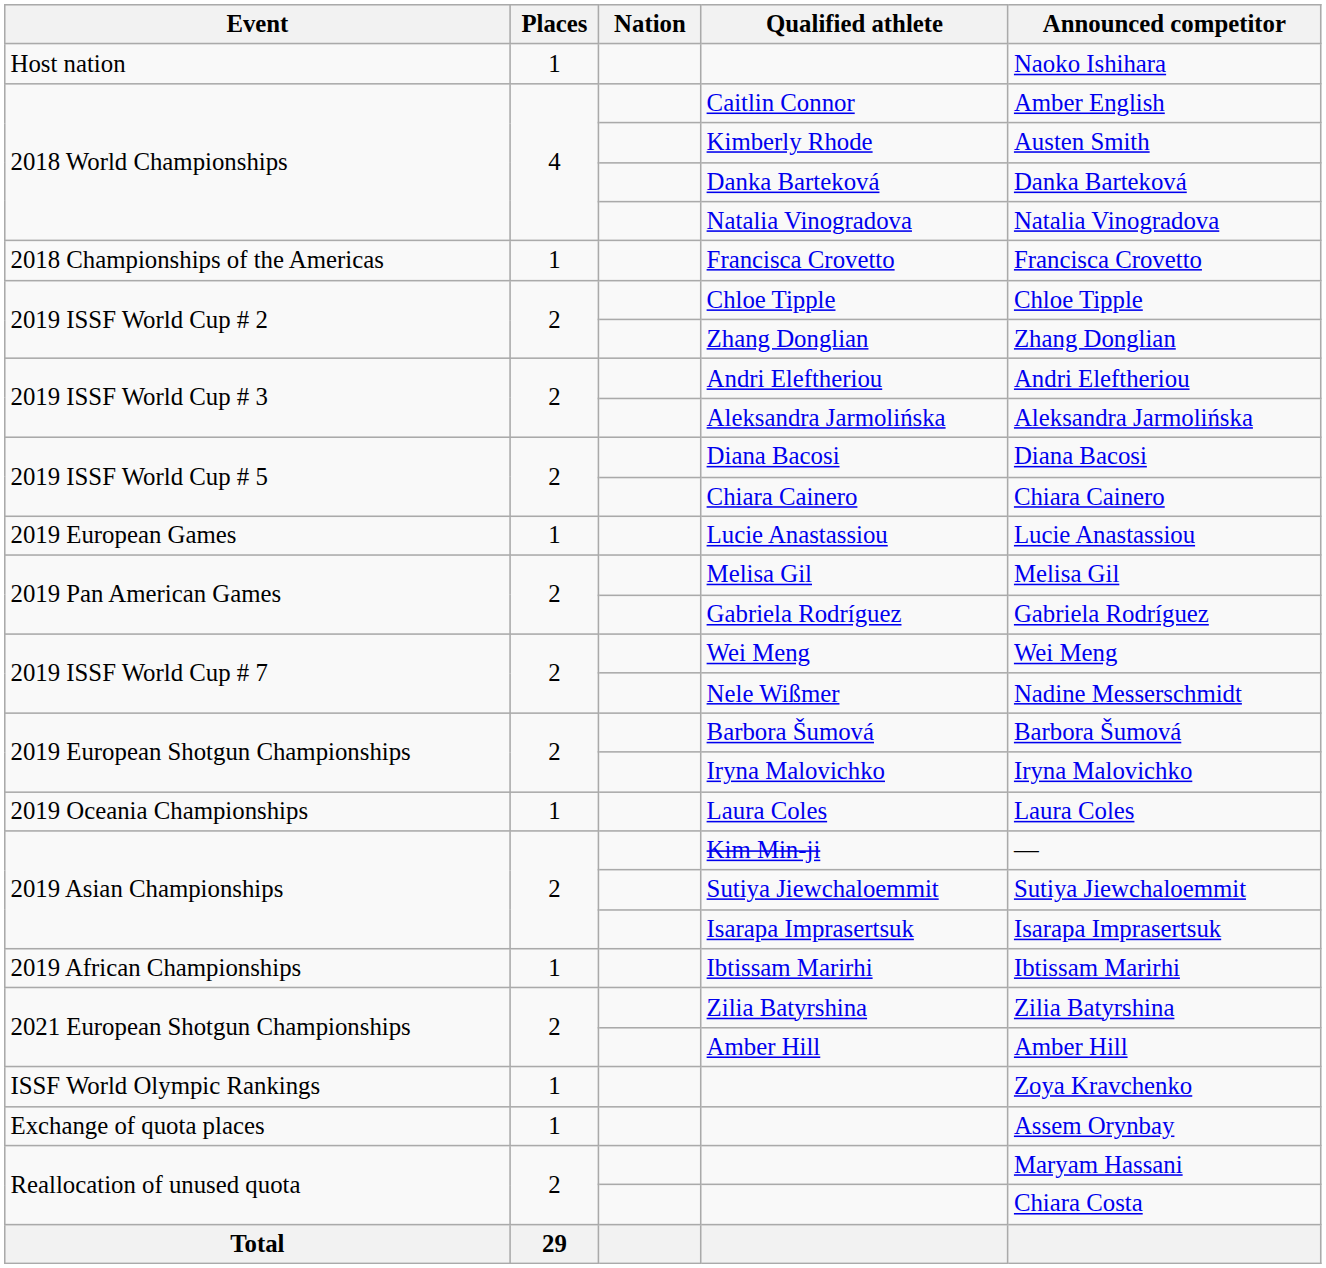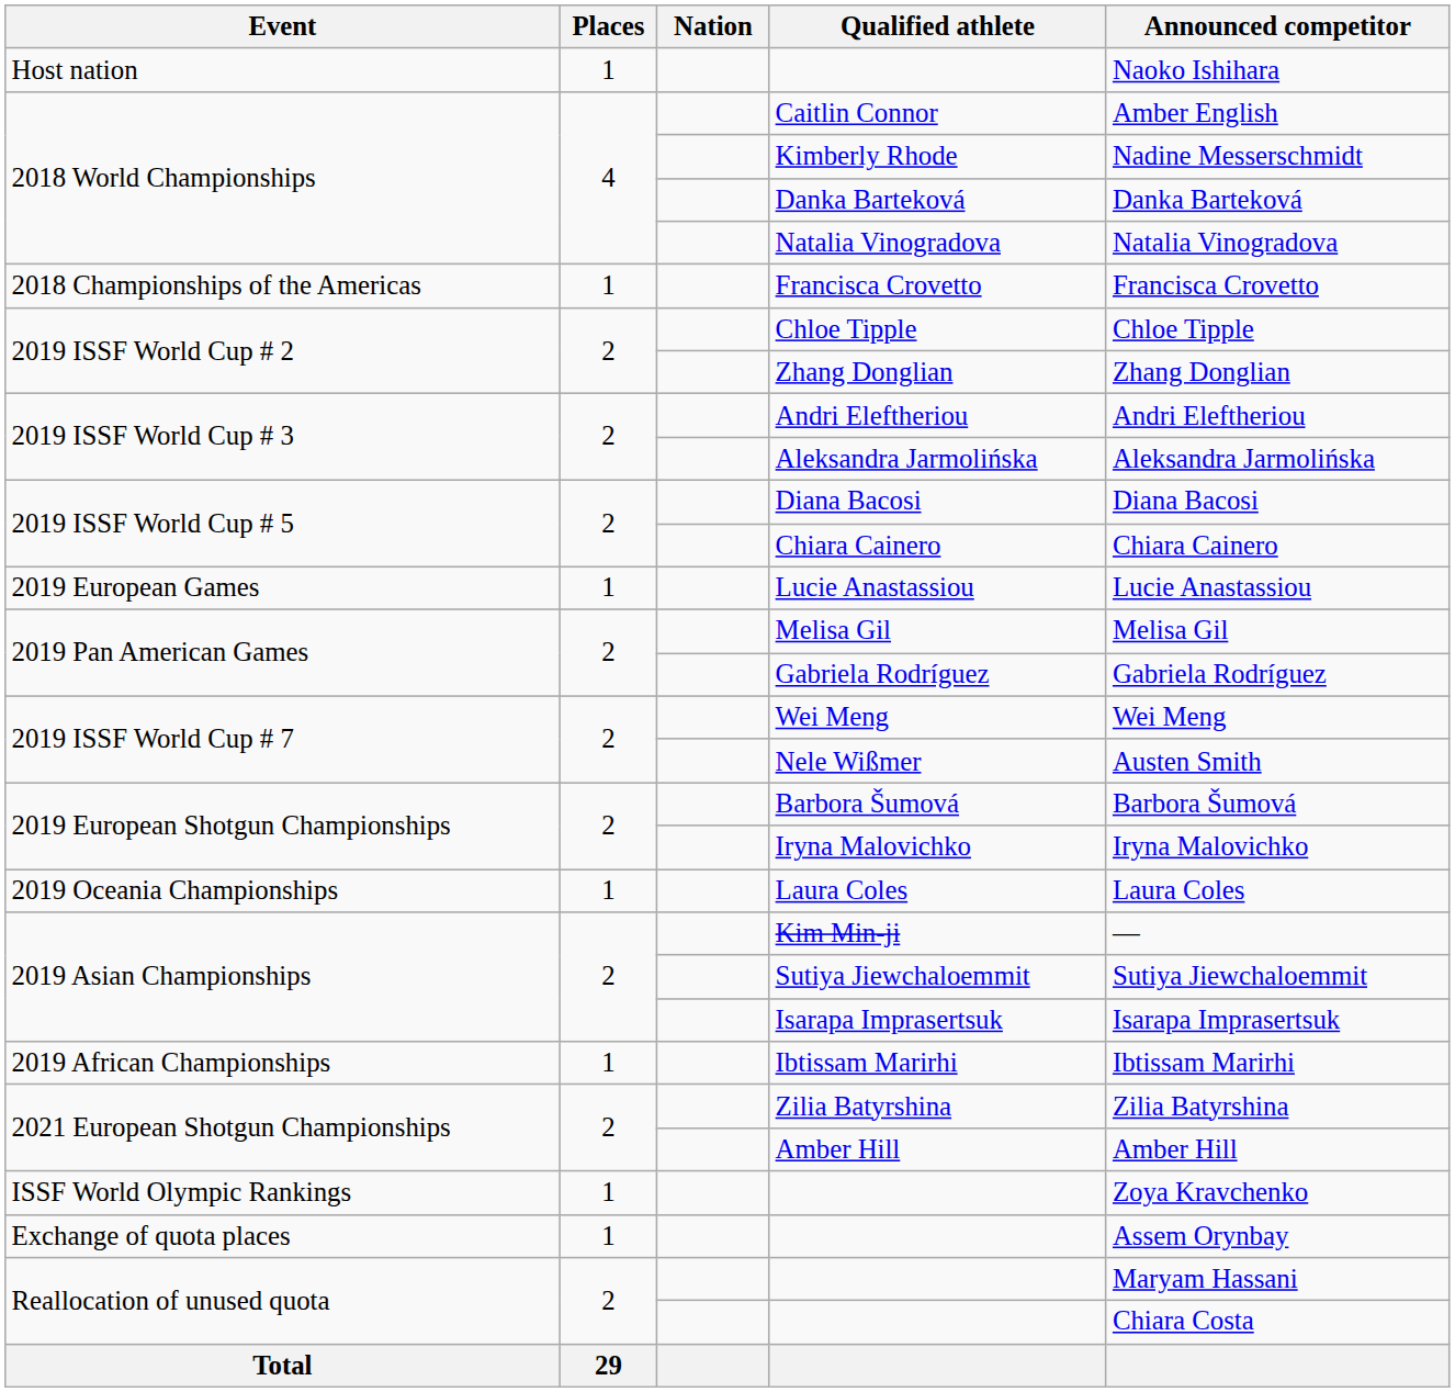 <table class=wikitable style="text-align:left" width=850>
 <tr>
 <th>Event</th>
 <th width=50>Places</th>
 <th>Nation</th>
 <th>Qualified athlete</th>
 <th>Announced competitor</th>
 </tr>
 <tr>
 <td>Host nation</td>
 <td align=center>1</td>
 <td></td>
 <td></td>
 <td><a href='#'>Naoko Ishihara</a></td>
 </tr>
 <tr>
 <td rowspan="4">2018 World Championships</td>
 <td rowspan=4 align=center>4</td>
 <td></td>
 <td><a href='#'>Caitlin Connor</a></td>
 <td><a href='#'>Amber English</a></td>
 </tr>
 <tr>
 <td></td>
 <td><a href='#'>Kimberly Rhode</a></td>
-<td><a href='#'>Austen Smith</a></td>
+<td><a href='#'>Nadine Messerschmidt</a></td>
 </tr>
 <tr>
 <td></td>
 <td><a href='#'>Danka Barteková</a></td>
 <td><a href='#'>Danka Barteková</a></td>
 </tr>
 <tr>
 <td></td>
 <td><a href='#'>Natalia Vinogradova</a></td>
 <td><a href='#'>Natalia Vinogradova</a></td>
 </tr>
 <tr>
 <td>2018 Championships of the Americas</td>
 <td align=center>1</td>
 <td></td>
 <td><a href='#'>Francisca Crovetto</a></td>
 <td><a href='#'>Francisca Crovetto</a></td>
 </tr>
 <tr>
 <td rowspan="2">2019 ISSF World Cup # 2</td>
 <td rowspan=2 align=center>2</td>
 <td></td>
 <td><a href='#'>Chloe Tipple</a></td>
 <td><a href='#'>Chloe Tipple</a></td>
 </tr>
 <tr>
 <td></td>
 <td><a href='#'>Zhang Donglian</a></td>
 <td><a href='#'>Zhang Donglian</a></td>
 </tr>
 <tr>
 <td rowspan="2">2019 ISSF World Cup # 3</td>
 <td rowspan=2 align=center>2</td>
 <td></td>
 <td><a href='#'>Andri Eleftheriou</a></td>
 <td><a href='#'>Andri Eleftheriou</a></td>
 </tr>
 <tr>
 <td></td>
 <td><a href='#'>Aleksandra Jarmolińska</a></td>
 <td><a href='#'>Aleksandra Jarmolińska</a></td>
 </tr>
 <tr>
 <td rowspan="2">2019 ISSF World Cup # 5</td>
 <td rowspan=2 align=center>2</td>
 <td></td>
 <td><a href='#'>Diana Bacosi</a></td>
 <td><a href='#'>Diana Bacosi</a></td>
 </tr>
 <tr>
 <td></td>
 <td><a href='#'>Chiara Cainero</a></td>
 <td><a href='#'>Chiara Cainero</a></td>
 </tr>
 <tr>
 <td>2019 European Games</td>
 <td align=center>1</td>
 <td></td>
 <td><a href='#'>Lucie Anastassiou</a></td>
 <td><a href='#'>Lucie Anastassiou</a></td>
 </tr>
 <tr>
 <td rowspan="2">2019 Pan American Games</td>
 <td rowspan=2 align=center>2</td>
 <td></td>
 <td><a href='#'>Melisa Gil</a></td>
 <td><a href='#'>Melisa Gil</a></td>
 </tr>
 <tr>
 <td></td>
 <td><a href='#'>Gabriela Rodríguez</a></td>
 <td><a href='#'>Gabriela Rodríguez</a></td>
 </tr>
 <tr>
 <td rowspan="2">2019 ISSF World Cup # 7</td>
 <td rowspan=2 align=center>2</td>
 <td></td>
 <td><a href='#'>Wei Meng</a></td>
 <td><a href='#'>Wei Meng</a></td>
 </tr>
 <tr>
 <td></td>
 <td><a href='#'>Nele Wißmer</a></td>
-<td><a href='#'>Nadine Messerschmidt</a></td>
+<td><a href='#'>Austen Smith</a></td>
 </tr>
 <tr>
 <td rowspan="2">2019 European Shotgun Championships</td>
 <td rowspan=2 align=center>2</td>
 <td></td>
 <td><a href='#'>Barbora Šumová</a></td>
 <td><a href='#'>Barbora Šumová</a></td>
 </tr>
 <tr>
 <td></td>
 <td><a href='#'>Iryna Malovichko</a></td>
 <td><a href='#'>Iryna Malovichko</a></td>
 </tr>
 <tr>
 <td>2019 Oceania Championships</td>
 <td align=center>1</td>
 <td></td>
 <td><a href='#'>Laura Coles</a></td>
 <td><a href='#'>Laura Coles</a></td>
 </tr>
 <tr>
 <td rowspan=3>2019 Asian Championships</td>
 <td rowspan=3 align=center>2</td>
 <td><s></s></td>
 <td><a href='#'><s>Kim Min-ji</s></a></td>
 <td>—</td>
 </tr>
 <tr>
 <td></td>
 <td><a href='#'>Sutiya Jiewchaloemmit</a></td>
 <td><a href='#'>Sutiya Jiewchaloemmit</a></td>
 </tr>
 <tr>
 <td></td>
 <td><a href='#'>Isarapa Imprasertsuk</a></td>
 <td><a href='#'>Isarapa Imprasertsuk</a></td>
 </tr>
 <tr>
 <td>2019 African Championships</td>
 <td align=center>1</td>
 <td></td>
 <td><a href='#'>Ibtissam Marirhi</a></td>
 <td><a href='#'>Ibtissam Marirhi</a></td>
 </tr>
 <tr>
 <td rowspan=2>2021 European Shotgun Championships</td>
 <td rowspan=2 align=center>2</td>
 <td></td>
 <td><a href='#'>Zilia Batyrshina</a></td>
 <td><a href='#'>Zilia Batyrshina</a></td>
 </tr>
 <tr>
 <td></td>
 <td><a href='#'>Amber Hill</a></td>
 <td><a href='#'>Amber Hill</a></td>
 </tr>
 <tr>
 <td>ISSF World Olympic Rankings</td>
 <td align=center>1</td>
 <td></td>
 <td></td>
 <td><a href='#'>Zoya Kravchenko</a></td>
 </tr>
 <tr>
 <td>Exchange of quota places</td>
 <td align=center>1</td>
 <td></td>
 <td></td>
 <td><a href='#'>Assem Orynbay</a></td>
 </tr>
 <tr>
 <td rowspan=2>Reallocation of unused quota</td>
 <td rowspan=2 align=center>2</td>
 <td></td>
 <td></td>
 <td><a href='#'>Maryam Hassani</a></td>
 </tr>
 <tr>
 <td></td>
 <td></td>
 <td><a href='#'>Chiara Costa</a><br></td>
 </tr>
 <tr>
 <th>Total</th>
 <th>29</th>
 <th></th>
 <th></th>
 <th></th>
 </tr>
 </table>
